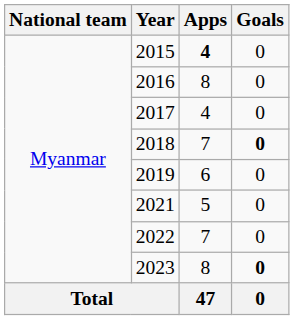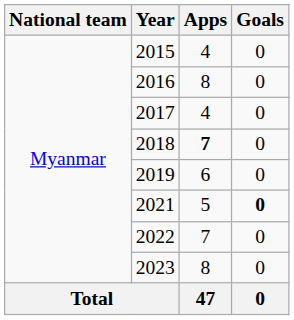 <table class=wikitable style=text-align:center>
 <tr>
 <th>National team</th>
 <th>Year</th>
 <th>Apps</th>
 <th>Goals</th>
 </tr>
 <tr>
 <td rowspan=8><a href='#'>Myanmar</a></td>
 <td>2015</td>
-<td><strong>4</strong></td>
+<td>4</td>
 <td>0</td>
 </tr>
 <tr>
 <td>2016</td>
 <td>8</td>
 <td>0</td>
 </tr>
 <tr>
 <td>2017</td>
 <td>4</td>
 <td>0</td>
 </tr>
 <tr>
 <td>2018</td>
-<td>7</td>
-<td><strong>0</strong></td>
+<td><strong>7</strong></td>
+<td>0</td>
 </tr>
 <tr>
 <td>2019</td>
 <td>6</td>
 <td>0</td>
 </tr>
 <tr>
 <td>2021</td>
 <td>5</td>
-<td>0</td>
+<td><strong>0</strong></td>
 </tr>
 <tr>
 <td>2022</td>
 <td>7</td>
 <td>0</td>
 </tr>
 <tr>
 <td>2023</td>
 <td>8</td>
-<td><strong>0</strong></td>
+<td>0</td>
 </tr>
 <tr>
 <th colspan=2>Total</th>
 <th>47</th>
 <th>0</th>
 </tr>
 </table>
